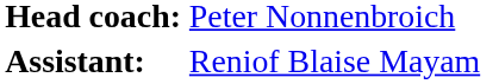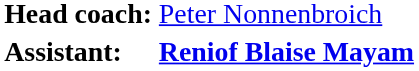 <table>
 <tr>
 <td><strong>Head coach:</strong></td>
 <td><a href='#'>Peter Nonnenbroich</a></td>
 </tr>
 <tr>
 <td><strong>Assistant:</strong></td>
-<td><a href='#'>Reniof Blaise Mayam</a></td>
+<td><strong><a href='#'>Reniof Blaise Mayam</a></strong></td>
 </tr>
 </table>
